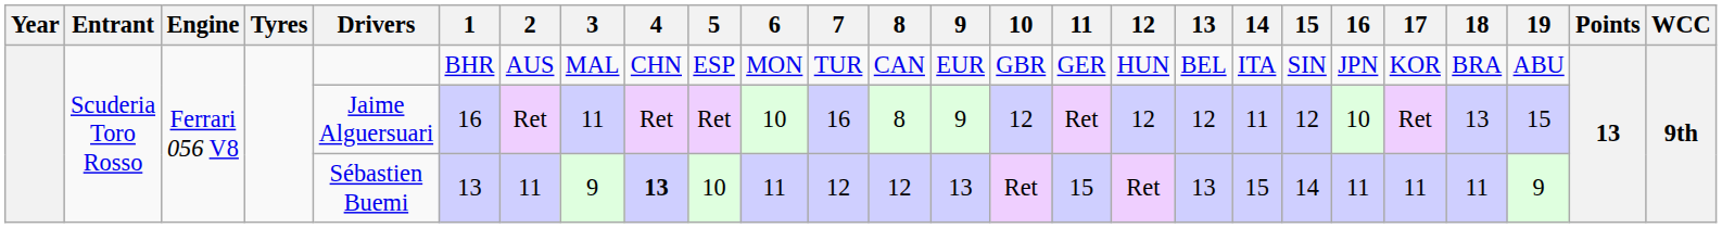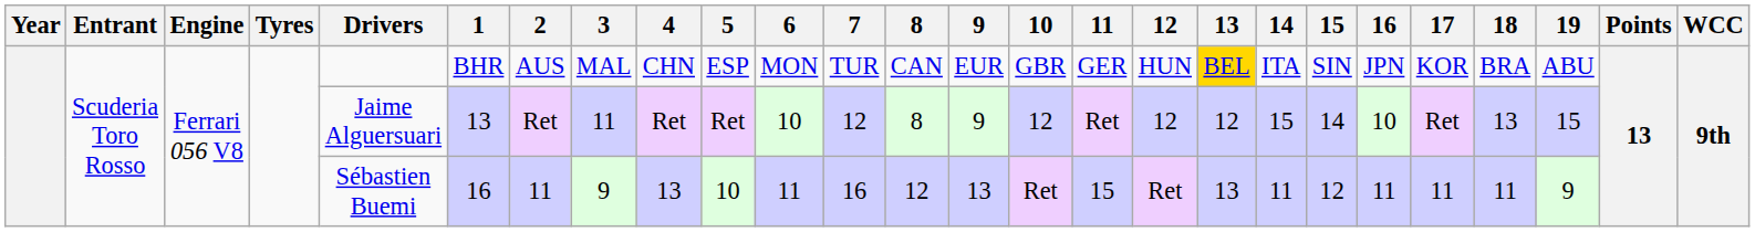 <table class="wikitable" style="text-align:center; font-size:95%">
 <tr>
 <th>Year</th>
 <th>Entrant</th>
 <th>Engine</th>
 <th>Tyres</th>
 <th>Drivers</th>
 <th>1</th>
 <th>2</th>
 <th>3</th>
 <th>4</th>
 <th>5</th>
 <th>6</th>
 <th>7</th>
 <th>8</th>
 <th>9</th>
 <th>10</th>
 <th>11</th>
 <th>12</th>
 <th>13</th>
 <th>14</th>
 <th>15</th>
 <th>16</th>
 <th>17</th>
 <th>18</th>
 <th>19</th>
 <th>Points</th>
 <th>WCC</th>
 </tr>
 <tr>
 <th rowspan=3></th>
 <td rowspan=3><a href='#'>Scuderia Toro Rosso</a></td>
 <td rowspan=3><a href='#'>Ferrari</a> <em>056</em> <a href='#'>V8</a></td>
 <td rowspan=3></td>
 <td></td>
 <td><a href='#'>BHR</a></td>
 <td><a href='#'>AUS</a></td>
 <td><a href='#'>MAL</a></td>
 <td><a href='#'>CHN</a></td>
 <td><a href='#'>ESP</a></td>
 <td><a href='#'>MON</a></td>
 <td><a href='#'>TUR</a></td>
 <td><a href='#'>CAN</a></td>
 <td><a href='#'>EUR</a></td>
 <td><a href='#'>GBR</a></td>
 <td><a href='#'>GER</a></td>
 <td><a href='#'>HUN</a></td>
-<td><a href='#'>BEL</a></td>
+<td style="background: gold;"><a href='#'>BEL</a></td>
 <td><a href='#'>ITA</a></td>
 <td><a href='#'>SIN</a></td>
 <td><a href='#'>JPN</a></td>
 <td><a href='#'>KOR</a></td>
 <td><a href='#'>BRA</a></td>
 <td><a href='#'>ABU</a></td>
 <th rowspan=3>13</th>
 <th rowspan=3>9th</th>
 </tr>
 <tr>
 <td> <a href='#'>Jaime Alguersuari</a></td>
-<td style="background:#CFCFFF;">16</td>
+<td style="background:#CFCFFF;">13</td>
 <td style="background:#EFCFFF;">Ret</td>
 <td style="background:#CFCFFF;">11</td>
 <td style="background:#EFCFFF;">Ret</td>
 <td style="background:#EFCFFF;">Ret</td>
 <td style="background:#DFFFDF;">10</td>
-<td style="background:#CFCFFF;">16</td>
+<td style="background:#CFCFFF;">12</td>
 <td style="background:#DFFFDF;">8</td>
 <td style="background:#DFFFDF;">9</td>
 <td style="background:#CFCFFF;">12</td>
 <td style="background:#EFCFFF;">Ret</td>
 <td style="background:#CFCFFF;">12</td>
 <td style="background:#CFCFFF;">12</td>
-<td style="background:#CFCFFF;">11</td>
-<td style="background:#CFCFFF;">12</td>
+<td style="background:#CFCFFF;">15</td>
+<td style="background:#CFCFFF;">14</td>
 <td style="background:#DFFFDF;">10</td>
 <td style="background:#EFCFFF;">Ret</td>
 <td style="background:#CFCFFF;">13</td>
 <td style="background:#CFCFFF;">15</td>
 </tr>
 <tr>
 <td> <a href='#'>Sébastien Buemi</a></td>
-<td style="background:#CFCFFF;">13</td>
+<td style="background:#CFCFFF;">16</td>
 <td style="background:#CFCFFF;">11</td>
 <td style="background:#DFFFDF;">9</td>
-<td style="background:#CFCFFF;"><strong>13</strong></td>
+<td style="background:#CFCFFF;">13</td>
 <td style="background:#DFFFDF;">10</td>
 <td style="background:#CFCFFF;">11</td>
-<td style="background:#CFCFFF;">12</td>
+<td style="background:#CFCFFF;">16</td>
 <td style="background:#CFCFFF;">12</td>
 <td style="background:#CFCFFF;">13</td>
 <td style="background:#EFCFFF;">Ret</td>
 <td style="background:#CFCFFF;">15</td>
 <td style="background:#EFCFFF;">Ret</td>
 <td style="background:#CFCFFF;">13</td>
-<td style="background:#CFCFFF;">15</td>
-<td style="background:#CFCFFF;">14</td>
+<td style="background:#CFCFFF;">11</td>
+<td style="background:#CFCFFF;">12</td>
 <td style="background:#CFCFFF;">11</td>
 <td style="background:#CFCFFF;">11</td>
 <td style="background:#CFCFFF;">11</td>
 <td style="background:#DFFFDF;">9</td>
 </tr>
 </table>
